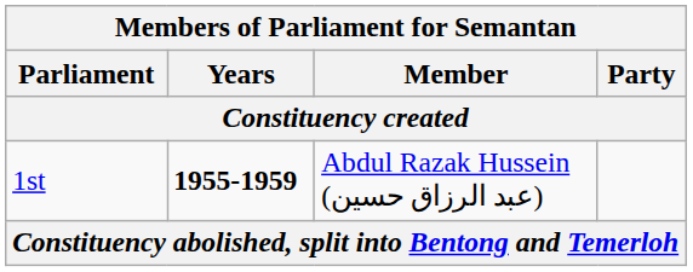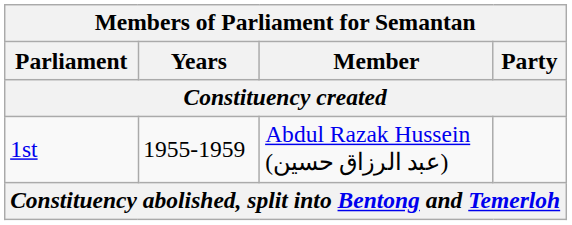 <table class="wikitable">
 <tr>
 <th colspan="4">Members of Parliament for Semantan</th>
 </tr>
 <tr>
 <th>Parliament</th>
 <th>Years</th>
 <th>Member</th>
 <th>Party</th>
 </tr>
 <tr>
 <th colspan="4"><em>Constituency created</em></th>
 </tr>
 <tr>
 <td><a href='#'>1st</a></td>
-<td><strong>1955-1959</strong></td>
+<td>1955-1959</td>
 <td><a href='#'>Abdul Razak Hussein</a>  <br>(عبد الرزاق حسين)</td>
 <td></td>
 </tr>
 <tr>
 <th colspan="4"><em>Constituency abolished, split into <a href='#'>Bentong</a> and <a href='#'>Temerloh</a></em></th>
 </tr>
 </table>
